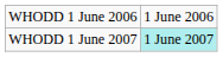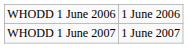 <table class="wikitable">
 <tr>
 <td>WHODD 1 June 2006</td>
 <td>1 June 2006</td>
 </tr>
 <tr>
 <td>WHODD 1 June 2007</td>
-<td style="background: paleturquoise;">1 June 2007</td>
+<td>1 June 2007</td>
 </tr>
 </table>
